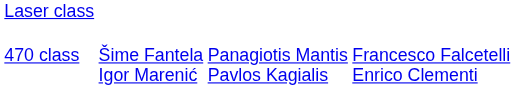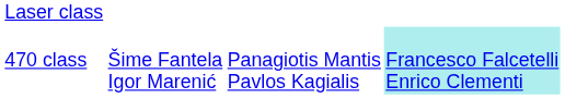 <table>
 <tr>
 <td><a href='#'>Laser class</a> <br> </td>
 <td></td>
 <td></td>
 <td></td>
 </tr>
 <tr>
 <td><a href='#'>470 class</a> <br> </td>
 <td><br><a href='#'>Šime Fantela</a><br><a href='#'>Igor Marenić</a></td>
 <td><br><a href='#'>Panagiotis Mantis</a><br><a href='#'>Pavlos Kagialis</a></td>
-<td><br><a href='#'>Francesco Falcetelli</a><br><a href='#'>Enrico Clementi</a></td>
+<td style="background: paleturquoise;"><br><a href='#'>Francesco Falcetelli</a><br><a href='#'>Enrico Clementi</a></td>
 </tr>
 </table>
